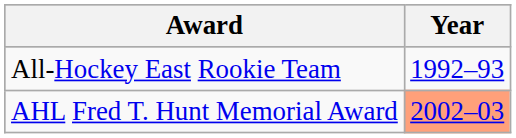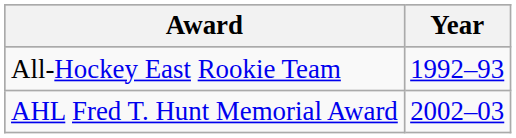 <table class="wikitable">
 <tr>
 <th>Award</th>
 <th>Year</th>
 </tr>
 <tr>
 <td>All-<a href='#'>Hockey East</a> <a href='#'>Rookie Team</a></td>
 <td><a href='#'>1992–93</a></td>
 </tr>
 <tr>
 <td><a href='#'>AHL</a>   <a href='#'>Fred T. Hunt Memorial Award</a></td>
-<td style="background: lightsalmon;"><a href='#'>2002–03</a></td>
+<td><a href='#'>2002–03</a></td>
 </tr>
 </table>
